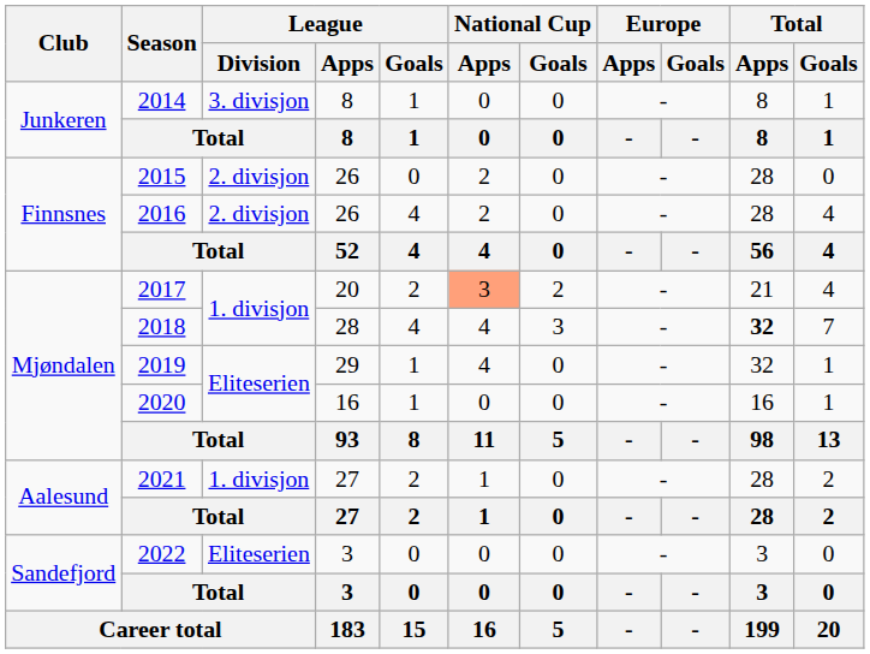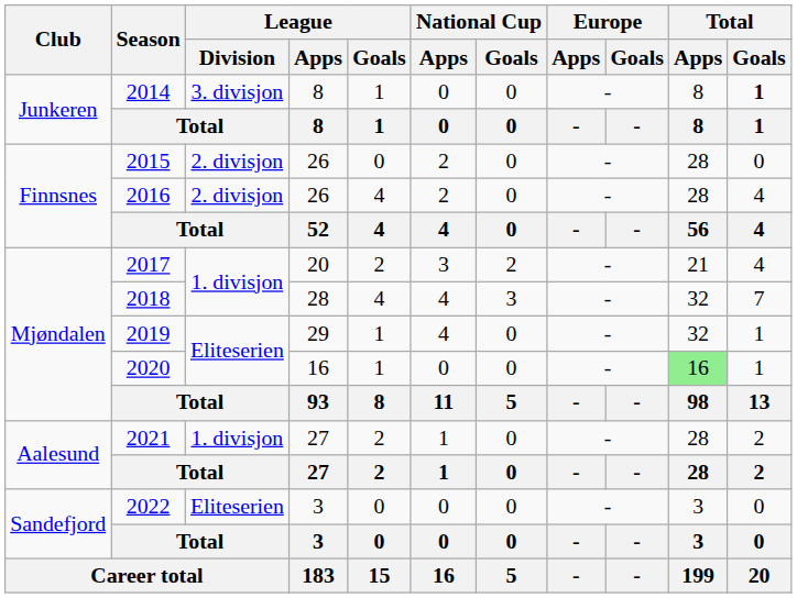 <table class="wikitable" style="text-align: center;">
 <tr>
 <th rowspan="2">Club</th>
 <th rowspan="2">Season</th>
 <th colspan="3">League</th>
 <th colspan="2">National Cup</th>
 <th colspan="2">Europe</th>
 <th colspan="2">Total</th>
 </tr>
 <tr>
 <th>Division</th>
 <th>Apps</th>
 <th>Goals</th>
 <th>Apps</th>
 <th>Goals</th>
 <th>Apps</th>
 <th>Goals</th>
 <th>Apps</th>
 <th>Goals</th>
 </tr>
 <tr>
 <td rowspan="2"><a href='#'>Junkeren</a></td>
 <td><a href='#'>2014</a></td>
 <td rowspan="1"><a href='#'>3. divisjon</a></td>
 <td>8</td>
 <td>1</td>
 <td>0</td>
 <td>0</td>
 <td colspan="2">-</td>
 <td>8</td>
-<td>1</td>
+<td><strong>1</strong></td>
 </tr>
 <tr>
 <th colspan="2">Total</th>
 <th>8</th>
 <th>1</th>
 <th>0</th>
 <th>0</th>
 <th>-</th>
 <th>-</th>
 <th>8</th>
 <th>1</th>
 </tr>
 <tr>
 <td rowspan="3"><a href='#'>Finnsnes</a></td>
 <td><a href='#'>2015</a></td>
 <td rowspan="1"><a href='#'>2. divisjon</a></td>
 <td>26</td>
 <td>0</td>
 <td>2</td>
 <td>0</td>
 <td colspan="2">-</td>
 <td>28</td>
 <td>0</td>
 </tr>
 <tr>
 <td><a href='#'>2016</a></td>
 <td rowspan="1"><a href='#'>2. divisjon</a></td>
 <td>26</td>
 <td>4</td>
 <td>2</td>
 <td>0</td>
 <td colspan="2">-</td>
 <td>28</td>
 <td>4</td>
 </tr>
 <tr>
 <th colspan="2">Total</th>
 <th>52</th>
 <th>4</th>
 <th>4</th>
 <th>0</th>
 <th>-</th>
 <th>-</th>
 <th>56</th>
 <th>4</th>
 </tr>
 <tr>
 <td rowspan="5"><a href='#'>Mjøndalen</a></td>
 <td><a href='#'>2017</a></td>
 <td rowspan="2"><a href='#'>1. divisjon</a></td>
 <td>20</td>
 <td>2</td>
-<td style="background: lightsalmon;">3</td>
+<td>3</td>
 <td>2</td>
 <td colspan="2">-</td>
 <td>21</td>
 <td>4</td>
 </tr>
 <tr>
 <td><a href='#'>2018</a></td>
 <td>28</td>
 <td>4</td>
 <td>4</td>
 <td>3</td>
 <td colspan="2">-</td>
-<td><strong>32</strong></td>
+<td>32</td>
 <td>7</td>
 </tr>
 <tr>
 <td><a href='#'>2019</a></td>
 <td rowspan="2"><a href='#'>Eliteserien</a></td>
 <td>29</td>
 <td>1</td>
 <td>4</td>
 <td>0</td>
 <td colspan="2">-</td>
 <td>32</td>
 <td>1</td>
 </tr>
 <tr>
 <td><a href='#'>2020</a></td>
 <td>16</td>
 <td>1</td>
 <td>0</td>
 <td>0</td>
 <td colspan="2">-</td>
-<td>16</td>
+<td style="background: lightgreen;">16</td>
 <td>1</td>
 </tr>
 <tr>
 <th colspan="2">Total</th>
 <th>93</th>
 <th>8</th>
 <th>11</th>
 <th>5</th>
 <th>-</th>
 <th>-</th>
 <th>98</th>
 <th>13</th>
 </tr>
 <tr>
 <td rowspan="2"><a href='#'>Aalesund</a></td>
 <td><a href='#'>2021</a></td>
 <td rowspan="1"><a href='#'>1. divisjon</a></td>
 <td>27</td>
 <td>2</td>
 <td>1</td>
 <td>0</td>
 <td colspan="2">-</td>
 <td>28</td>
 <td>2</td>
 </tr>
 <tr>
 <th colspan="2">Total</th>
 <th>27</th>
 <th>2</th>
 <th>1</th>
 <th>0</th>
 <th>-</th>
 <th>-</th>
 <th>28</th>
 <th>2</th>
 </tr>
 <tr>
 <td rowspan="2"><a href='#'>Sandefjord</a></td>
 <td><a href='#'>2022</a></td>
 <td rowspan="1"><a href='#'>Eliteserien</a></td>
 <td>3</td>
 <td>0</td>
 <td>0</td>
 <td>0</td>
 <td colspan="2">-</td>
 <td>3</td>
 <td>0</td>
 </tr>
 <tr>
 <th colspan="2">Total</th>
 <th>3</th>
 <th>0</th>
 <th>0</th>
 <th>0</th>
 <th>-</th>
 <th>-</th>
 <th>3</th>
 <th>0</th>
 </tr>
 <tr>
 <th colspan="3">Career total</th>
 <th>183</th>
 <th>15</th>
 <th>16</th>
 <th>5</th>
 <th>-</th>
 <th>-</th>
 <th>199</th>
 <th>20</th>
 </tr>
 </table>
